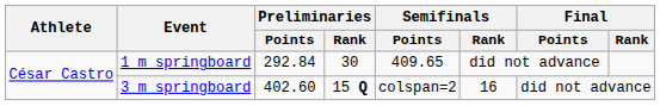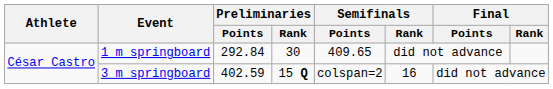 <table class=wikitable style="font-size:90%;">
 <tr>
 <th rowspan="2">Athlete</th>
 <th rowspan="2">Event</th>
 <th colspan="2">Preliminaries</th>
 <th colspan="2">Semifinals</th>
 <th colspan="2">Final</th>
 </tr>
 <tr style="font-size:95%">
 <th>Points</th>
 <th>Rank</th>
 <th>Points</th>
 <th>Rank</th>
 <th>Points</th>
 <th>Rank</th>
 </tr>
 <tr align=center>
 <td align=left rowspan=2><a href='#'>César Castro</a></td>
 <td align=left><a href='#'>1 m springboard</a></td>
 <td>292.84</td>
 <td>30</td>
 <td>409.65</td>
 <td colspan=2>did not advance</td>
 </tr>
 <tr align=center>
 <td align=left><a href='#'>3 m springboard</a></td>
-<td>402.60</td>
+<td>402.59</td>
 <td>15 <strong>Q</strong></td>
 <td>colspan=2 </td>
 <td>16</td>
 <td colspan=2>did not advance</td>
 </tr>
 </table>
